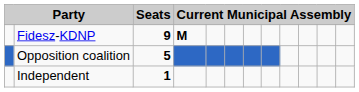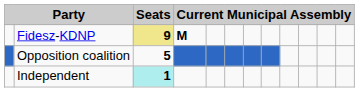 <table class="wikitable">
 <tr>
 <th style="background:#ccc" colspan="2">Party</th>
 <th style="background:#ccc">Seats</th>
 <th style="background:#ccc" colspan="9">Current Municipal Assembly</th>
 </tr>
 <tr>
 <td style="background-color: "> </td>
 <td><a href='#'>Fidesz</a>-<a href='#'>KDNP</a></td>
-<td style="text-align: right"><strong>9</strong></td>
+<td style="background: khaki; text-align: right"><strong>9</strong></td>
 <td style="background-color: "><span><strong>M</strong></span></td>
 <td style="background-color: "> </td>
 <td style="background-color: "> </td>
 <td style="background-color: "> </td>
 <td style="background-color: "> </td>
 <td style="background-color: "> </td>
 <td style="background-color: "> </td>
 <td style="background-color: "> </td>
 <td style="background-color: "> </td>
 </tr>
 <tr>
 <td style="background-color: #2D68C4"> </td>
 <td>Opposition coalition</td>
 <td style="text-align: right"><strong>5</strong></td>
 <td style="background-color: #2D68C4"> </td>
 <td style="background-color: #2D68C4"> </td>
 <td style="background-color: #2D68C4"> </td>
 <td style="background-color: #2D68C4"> </td>
 <td style="background-color: #2D68C4"> </td>
 <td> </td>
 <td> </td>
 <td> </td>
 <td> </td>
 </tr>
 <tr>
 <td style="background-color: "> </td>
 <td>Independent</td>
-<td style="text-align: right"><strong>1</strong></td>
+<td style="background: paleturquoise; text-align: right"><strong>1</strong></td>
 <td style="background-color: "> </td>
 <td> </td>
 <td> </td>
 <td> </td>
 <td> </td>
 <td> </td>
 <td> </td>
 <td> </td>
 <td> </td>
 </tr>
 </table>
